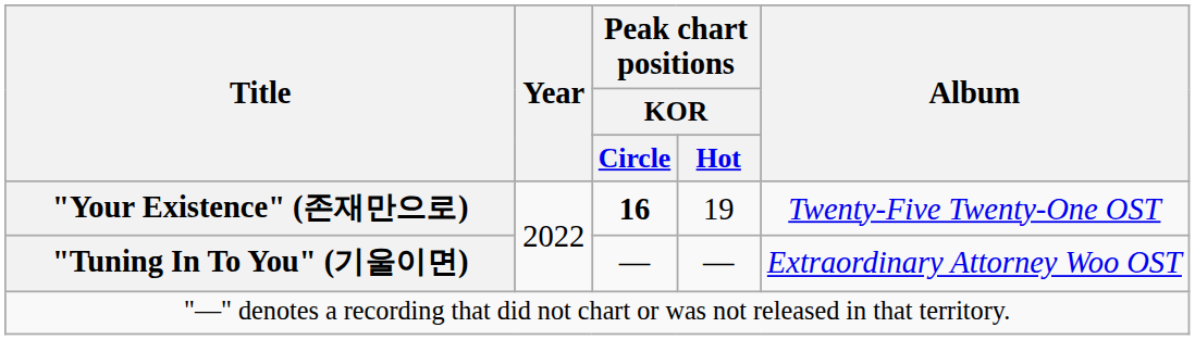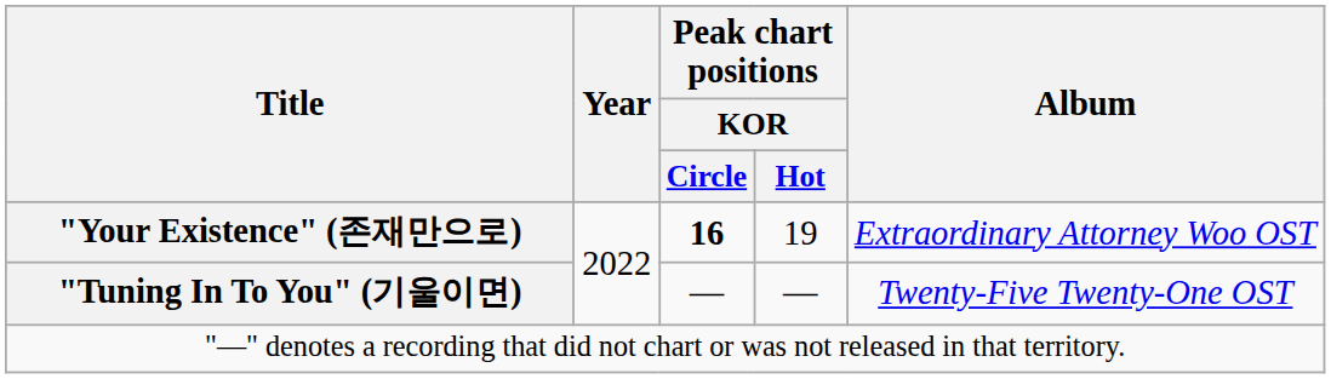 <table class="wikitable plainrowheaders" style="text-align:center;">
 <tr>
 <th scope="col" rowspan="3" style="width:16em;">Title</th>
 <th scope="col" rowspan="3">Year</th>
 <th scope="col" colspan="2">Peak chart positions</th>
 <th scope="col" rowspan="3">Album</th>
 </tr>
 <tr>
 <th scope="col" colspan="2" style="width:2.5em;font-size:90%">KOR</th>
 </tr>
 <tr>
 <th scope="col" style="width:2.5em;font-size:90%;"><a href='#'>Circle</a><br></th>
 <th scope="col" style="width:2.5em;font-size:90%;"><a href='#'>Hot</a><br></th>
 </tr>
 <tr>
 <th scope="row">"Your Existence" (존재만으로)</th>
 <td rowspan="2">2022</td>
 <td><strong>16</strong></td>
 <td>19</td>
-<td><em><a href='#'>Twenty-Five Twenty-One OST</a></em></td>
+<td><em><a href='#'>Extraordinary Attorney Woo OST</a></em></td>
 </tr>
 <tr>
 <th scope="row">"Tuning In To You" (기울이면)</th>
 <td>—</td>
 <td>—</td>
-<td><em><a href='#'>Extraordinary Attorney Woo OST</a></em></td>
+<td><em><a href='#'>Twenty-Five Twenty-One OST</a></em></td>
 </tr>
 <tr>
 <td colspan="5" style="font-size:85%">"—" denotes a recording that did not chart or was not released in that territory.</td>
 </tr>
 </table>
